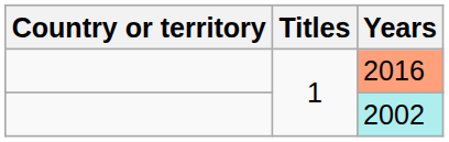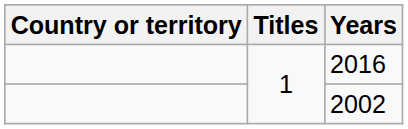 <table class="wikitable" style="font-size:95%;">
 <tr>
 <th>Country or territory</th>
 <th>Titles</th>
 <th>Years</th>
 </tr>
 <tr>
 <td></td>
 <td rowspan="2" style="text-align:center;">1</td>
-<td style="background: lightsalmon;">2016</td>
+<td>2016</td>
 </tr>
 <tr>
 <td></td>
-<td style="background: paleturquoise;">2002</td>
+<td>2002</td>
 </tr>
 </table>
